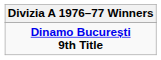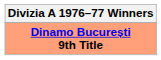 <table class="wikitable" style="text-align: center; margin: 0 auto;">
 <tr>
 <th>Divizia A 1976–77 Winners</th>
 </tr>
 <tr>
 </tr>
 <tr>
-<td><strong><a href='#'>Dinamo București</a></strong><br><strong>9th Title</strong></td>
+<td style="background: lightsalmon;"><strong><a href='#'>Dinamo București</a></strong><br><strong>9th Title</strong></td>
 </tr>
 </table>
